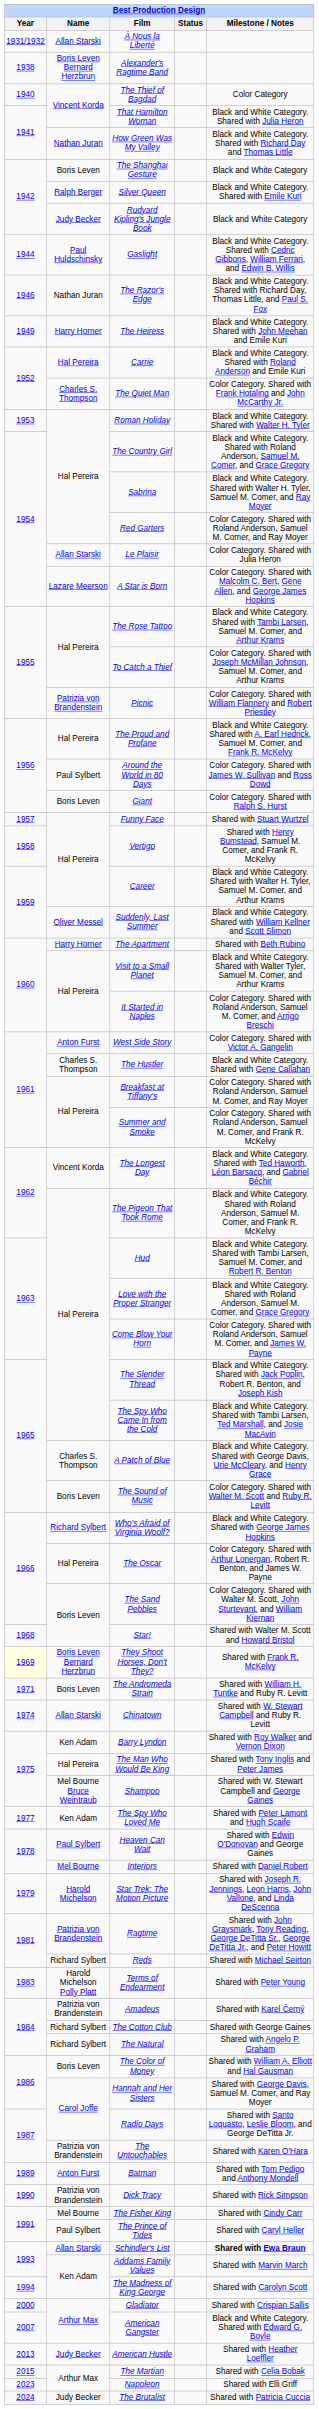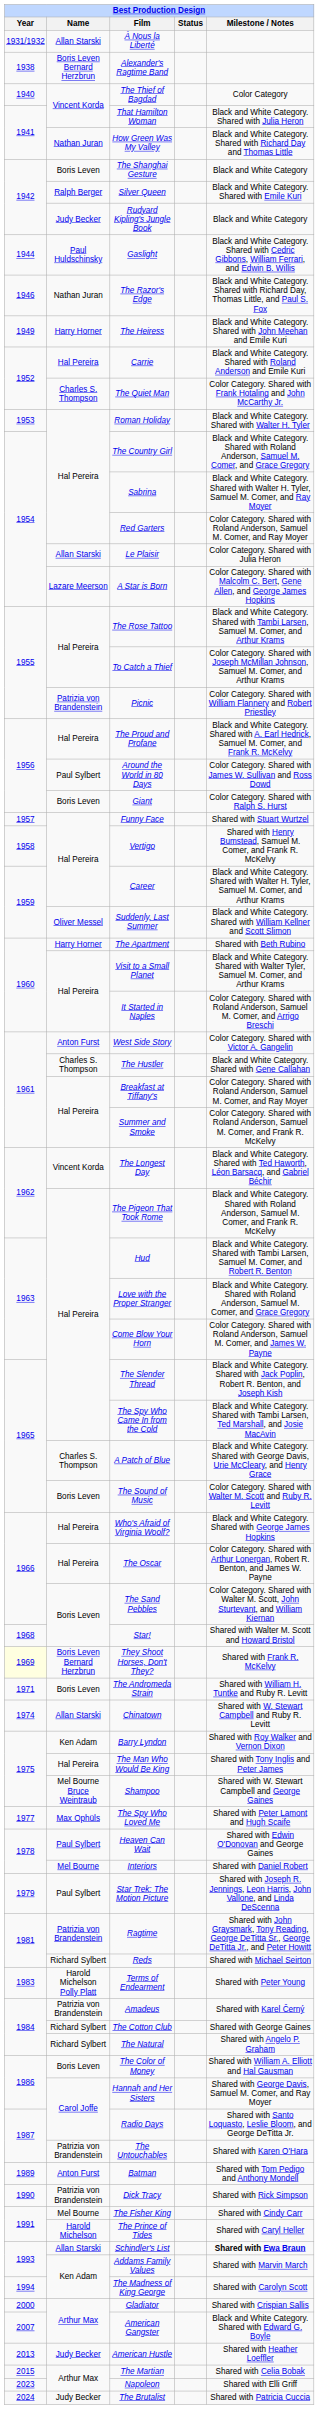 <table class="wikitable" style="text-align: center">
 <tr ---- bgcolor="#bfd7ff">
 <td colspan=5 align=center><strong><a href='#'>Best Production Design</a></strong></td>
 </tr>
 <tr ---- bgcolor="#ebf5ff">
 <th width="075">Year</th>
 <th width="200">Name</th>
 <th width="200">Film</th>
 <th width="080">Status</th>
 <th width="650">Milestone / Notes</th>
 </tr>
 <tr>
 <td><a href='#'>1931/1932</a></td>
 <td><a href='#'>Allan Starski</a></td>
 <td><em><a href='#'>À Nous la Liberté</a></em></td>
 <td></td>
 <td></td>
 </tr>
 <tr>
 <td><a href='#'>1938</a></td>
 <td><a href='#'>Boris Leven</a><br><a href='#'>Bernard Herzbrun</a></td>
 <td><em><a href='#'>Alexander's Ragtime Band</a></em></td>
 <td></td>
 <td></td>
 </tr>
 <tr>
 <td><a href='#'>1940</a></td>
 <td rowspan="2"><a href='#'>Vincent Korda</a></td>
 <td><em><a href='#'>The Thief of Bagdad</a></em></td>
 <td></td>
 <td>Color Category</td>
 </tr>
 <tr>
 <td rowspan="2"><a href='#'>1941</a></td>
 <td><em><a href='#'>That Hamilton Woman</a></em></td>
 <td></td>
 <td>Black and White Category. Shared with <a href='#'>Julia Heron</a></td>
 </tr>
 <tr>
 <td><a href='#'>Nathan Juran</a></td>
 <td><em><a href='#'>How Green Was My Valley</a></em></td>
 <td></td>
 <td>Black and White Category. Shared with <a href='#'>Richard Day</a> and <a href='#'>Thomas Little</a></td>
 </tr>
 <tr>
 <td rowspan="3"><a href='#'>1942</a></td>
 <td>Boris Leven</td>
 <td><em><a href='#'>The Shanghai Gesture</a></em></td>
 <td></td>
 <td>Black and White Category</td>
 </tr>
 <tr>
 <td><a href='#'>Ralph Berger</a></td>
 <td><em><a href='#'>Silver Queen</a></em></td>
 <td></td>
 <td>Black and White Category. Shared with <a href='#'>Emile Kuri</a></td>
 </tr>
 <tr>
 <td><a href='#'>Judy Becker</a></td>
 <td><em><a href='#'>Rudyard Kipling's Jungle Book</a></em></td>
 <td></td>
 <td>Black and White Category</td>
 </tr>
 <tr>
 <td><a href='#'>1944</a></td>
 <td><a href='#'>Paul Huldschinsky</a></td>
 <td><em><a href='#'>Gaslight</a></em></td>
 <td></td>
 <td>Black and White Category. Shared with <a href='#'>Cedric Gibbons</a>, <a href='#'>William Ferrari</a>, and <a href='#'>Edwin B. Willis</a></td>
 </tr>
 <tr>
 <td><a href='#'>1946</a></td>
 <td>Nathan Juran</td>
 <td><em><a href='#'>The Razor's Edge</a></em></td>
 <td></td>
 <td>Black and White Category. Shared with Richard Day, Thomas Little, and <a href='#'>Paul S. Fox</a></td>
 </tr>
 <tr>
 <td><a href='#'>1949</a></td>
 <td><a href='#'>Harry Horner</a></td>
 <td><em><a href='#'>The Heiress</a></em></td>
 <td></td>
 <td>Black and White Category. Shared with <a href='#'>John Meehan</a> and Emile Kuri</td>
 </tr>
 <tr>
 <td rowspan=2><a href='#'>1952</a></td>
 <td><a href='#'>Hal Pereira</a></td>
 <td><em><a href='#'>Carrie</a></em></td>
 <td></td>
 <td>Black and White Category. Shared with <a href='#'>Roland Anderson</a> and Emile Kuri</td>
 </tr>
 <tr>
 <td><a href='#'>Charles S. Thompson</a></td>
 <td><em><a href='#'>The Quiet Man</a></em></td>
 <td></td>
 <td>Color Category. Shared with <a href='#'>Frank Hotaling</a> and <a href='#'>John McCarthy Jr.</a></td>
 </tr>
 <tr>
 <td><a href='#'>1953</a></td>
 <td rowspan=4>Hal Pereira</td>
 <td><em><a href='#'>Roman Holiday</a></em></td>
 <td></td>
 <td>Black and White Category. Shared with <a href='#'>Walter H. Tyler</a></td>
 </tr>
 <tr>
 <td rowspan=5><a href='#'>1954</a></td>
 <td><em><a href='#'>The Country Girl</a></em></td>
 <td></td>
 <td>Black and White Category. Shared with Roland Anderson, <a href='#'>Samuel M. Comer</a>, and <a href='#'>Grace Gregory</a></td>
 </tr>
 <tr>
 <td><em><a href='#'>Sabrina</a></em></td>
 <td></td>
 <td>Black and White Category. Shared with Walter H. Tyler, Samuel M. Comer, and <a href='#'>Ray Moyer</a></td>
 </tr>
 <tr>
 <td><em><a href='#'>Red Garters</a></em></td>
 <td></td>
 <td>Color Category. Shared with Roland Anderson, Samuel M. Comer, and Ray Moyer</td>
 </tr>
 <tr>
 <td><a href='#'>Allan Starski</a></td>
 <td><em><a href='#'>Le Plaisir</a></em></td>
 <td></td>
 <td>Color Category. Shared with Julia Heron</td>
 </tr>
 <tr>
 <td><a href='#'>Lazare Meerson</a></td>
 <td><em><a href='#'>A Star is Born</a></em></td>
 <td></td>
 <td>Color Category. Shared with <a href='#'>Malcolm C. Bert</a>, <a href='#'>Gene Allen</a>, and <a href='#'>George James Hopkins</a></td>
 </tr>
 <tr>
 <td rowspan=3><a href='#'>1955</a></td>
 <td rowspan=2>Hal Pereira</td>
 <td><em><a href='#'>The Rose Tattoo</a></em></td>
 <td></td>
 <td>Black and White Category. Shared with <a href='#'>Tambi Larsen</a>, Samuel M. Comer, and <a href='#'>Arthur Krams</a></td>
 </tr>
 <tr>
 <td><em><a href='#'>To Catch a Thief</a></em></td>
 <td></td>
 <td>Color Category. Shared with <a href='#'>Joseph McMillan Johnson</a>, Samuel M. Comer, and Arthur Krams</td>
 </tr>
 <tr>
 <td><a href='#'>Patrizia von Brandenstein</a></td>
 <td><em><a href='#'>Picnic</a></em></td>
 <td></td>
 <td>Color Category. Shared with <a href='#'>William Flannery</a> and <a href='#'>Robert Priestley</a></td>
 </tr>
 <tr>
 <td rowspan=3><a href='#'>1956</a></td>
 <td>Hal Pereira</td>
 <td><em><a href='#'>The Proud and Profane</a></em></td>
 <td></td>
 <td>Black and White Category. Shared with <a href='#'>A. Earl Hedrick</a>, Samuel M. Comer, and <a href='#'>Frank R. McKelvy</a></td>
 </tr>
 <tr>
 <td>Paul Sylbert</td>
 <td><em><a href='#'>Around the World in 80 Days</a></em></td>
 <td></td>
 <td>Color Category. Shared with <a href='#'>James W. Sullivan</a> and <a href='#'>Ross Dowd</a></td>
 </tr>
 <tr>
 <td>Boris Leven</td>
 <td><em><a href='#'>Giant</a></em></td>
 <td></td>
 <td>Color Category. Shared with <a href='#'>Ralph S. Hurst</a></td>
 </tr>
 <tr>
 <td><a href='#'>1957</a></td>
 <td rowspan=3>Hal Pereira</td>
 <td><em><a href='#'>Funny Face</a></em></td>
 <td></td>
 <td>Shared with <a href='#'>Stuart Wurtzel</a></td>
 </tr>
 <tr>
 <td><a href='#'>1958</a></td>
 <td><em><a href='#'>Vertigo</a></em></td>
 <td></td>
 <td>Shared with <a href='#'>Henry Bumstead</a>, Samuel M. Comer, and Frank R. McKelvy</td>
 </tr>
 <tr>
 <td rowspan=2><a href='#'>1959</a></td>
 <td><em><a href='#'>Career</a></em></td>
 <td></td>
 <td>Black and White Category. Shared with Walter H. Tyler, Samuel M. Comer, and Arthur Krams</td>
 </tr>
 <tr>
 <td><a href='#'>Oliver Messel</a></td>
 <td><em><a href='#'>Suddenly, Last Summer</a></em></td>
 <td></td>
 <td>Black and White Category. Shared with <a href='#'>William Kellner</a> and <a href='#'>Scott Slimon</a></td>
 </tr>
 <tr>
 <td rowspan=3><a href='#'>1960</a></td>
 <td><a href='#'>Harry Horner</a></td>
 <td><em><a href='#'>The Apartment</a></em></td>
 <td></td>
 <td>Shared with <a href='#'>Beth Rubino</a></td>
 </tr>
 <tr>
 <td rowspan=2>Hal Pereira</td>
 <td><em><a href='#'>Visit to a Small Planet</a></em></td>
 <td></td>
 <td>Black and White Category. Shared with Walter Tyler, Samuel M. Comer, and Arthur Krams</td>
 </tr>
 <tr>
 <td><em><a href='#'>It Started in Naples</a></em></td>
 <td></td>
 <td>Color Category. Shared with Roland Anderson, Samuel M. Comer, and <a href='#'>Arrigo Breschi</a></td>
 </tr>
 <tr>
 <td rowspan="4"><a href='#'>1961</a></td>
 <td><a href='#'>Anton Furst</a></td>
 <td><em><a href='#'>West Side Story</a></em></td>
 <td></td>
 <td>Color Category. Shared with <a href='#'>Victor A. Gangelin</a></td>
 </tr>
 <tr>
 <td>Charles S. Thompson</td>
 <td><em><a href='#'>The Hustler</a></em></td>
 <td></td>
 <td>Black and White Category. Shared with <a href='#'>Gene Callahan</a></td>
 </tr>
 <tr>
 <td rowspan=2>Hal Pereira</td>
 <td><em><a href='#'>Breakfast at Tiffany's</a></em></td>
 <td></td>
 <td>Color Category. Shared with Roland Anderson, Samuel M. Comer, and Ray Moyer</td>
 </tr>
 <tr>
 <td><em><a href='#'>Summer and Smoke</a></em></td>
 <td></td>
 <td>Color Category. Shared with Roland Anderson, Samuel M. Comer, and Frank R. McKelvy</td>
 </tr>
 <tr>
 <td rowspan=2><a href='#'>1962</a></td>
 <td>Vincent Korda</td>
 <td><em><a href='#'>The Longest Day</a></em></td>
 <td></td>
 <td>Black and White Category. Shared with <a href='#'>Ted Haworth</a>, <a href='#'>Léon Barsacq</a>, and <a href='#'>Gabriel Béchir</a></td>
 </tr>
 <tr>
 <td rowspan=6>Hal Pereira</td>
 <td><em><a href='#'>The Pigeon That Took Rome</a></em></td>
 <td></td>
 <td>Black and White Category. Shared with Roland Anderson, Samuel M. Comer, and Frank R. McKelvy</td>
 </tr>
 <tr>
 <td rowspan=3><a href='#'>1963</a></td>
 <td><em><a href='#'>Hud</a></em></td>
 <td></td>
 <td>Black and White Category. Shared with Tambi Larsen, Samuel M. Comer, and <a href='#'>Robert R. Benton</a></td>
 </tr>
 <tr>
 <td><em><a href='#'>Love with the Proper Stranger</a></em></td>
 <td></td>
 <td>Black and White Category. Shared with Roland Anderson, Samuel M. Comer, and <a href='#'>Grace Gregory</a></td>
 </tr>
 <tr>
 <td><em><a href='#'>Come Blow Your Horn</a></em></td>
 <td></td>
 <td>Color Category. Shared with Roland Anderson, Samuel M. Comer, and <a href='#'>James W. Payne</a></td>
 </tr>
 <tr>
 <td rowspan=4><a href='#'>1965</a></td>
 <td><em><a href='#'>The Slender Thread</a></em></td>
 <td></td>
 <td>Black and White Category. Shared with <a href='#'>Jack Poplin</a>, Robert R. Benton, and <a href='#'>Joseph Kish</a></td>
 </tr>
 <tr>
 <td><em><a href='#'>The Spy Who Came In from the Cold</a></em></td>
 <td></td>
 <td>Black and White Category. Shared with Tambi Larsen, <a href='#'>Ted Marshall</a>, and <a href='#'>Josie MacAvin</a></td>
 </tr>
 <tr>
 <td>Charles S. Thompson</td>
 <td><em><a href='#'>A Patch of Blue</a></em></td>
 <td></td>
 <td>Black and White Category. Shared with George Davis, <a href='#'>Urie McCleary</a>, and <a href='#'>Henry Grace</a></td>
 </tr>
 <tr>
 <td>Boris Leven</td>
 <td><em><a href='#'>The Sound of Music</a></em></td>
 <td></td>
 <td>Color Category. Shared with <a href='#'>Walter M. Scott</a> and <a href='#'>Ruby R. Levitt</a></td>
 </tr>
 <tr>
 <td rowspan="3"><a href='#'>1966</a></td>
-<td><a href='#'>Richard Sylbert</a></td>
+<td>Hal Pereira</td>
 <td><em><a href='#'>Who's Afraid of Virginia Woolf?</a></em></td>
 <td></td>
 <td>Black and White Category. Shared with <a href='#'>George James Hopkins</a></td>
 </tr>
 <tr>
 <td>Hal Pereira</td>
 <td><em><a href='#'>The Oscar</a></em></td>
 <td></td>
 <td>Color Category. Shared with <a href='#'>Arthur Lonergan</a>, Robert R. Benton, and James W. Payne</td>
 </tr>
 <tr>
 <td rowspan="2">Boris Leven</td>
 <td><em><a href='#'>The Sand Pebbles</a></em></td>
 <td></td>
 <td>Color Category. Shared with Walter M. Scott, <a href='#'>John Sturtevant</a>, and <a href='#'>William Kiernan</a></td>
 </tr>
 <tr>
 <td><a href='#'>1968</a></td>
 <td><em><a href='#'>Star!</a></em></td>
 <td></td>
 <td>Shared with Walter M. Scott and <a href='#'>Howard Bristol</a></td>
 </tr>
 <tr>
 <td style="background: lightyellow;"><a href='#'>1969</a></td>
 <td><a href='#'>Boris Leven</a><br><a href='#'>Bernard Herzbrun</a></td>
 <td><em><a href='#'>They Shoot Horses, Don't They?</a></em></td>
 <td></td>
 <td>Shared with <a href='#'>Frank R. McKelvy</a></td>
 </tr>
 <tr>
 <td><a href='#'>1971</a></td>
 <td>Boris Leven</td>
 <td><em><a href='#'>The Andromeda Strain</a></em></td>
 <td></td>
 <td>Shared with <a href='#'>William H. Tuntke</a> and Ruby R. Levitt</td>
 </tr>
 <tr>
 <td><a href='#'>1974</a></td>
 <td><a href='#'>Allan Starski</a></td>
 <td><em><a href='#'>Chinatown</a></em></td>
 <td></td>
 <td>Shared with <a href='#'>W. Stewart Campbell</a> and Ruby R. Levitt</td>
 </tr>
 <tr>
 <td rowspan="3"><a href='#'>1975</a></td>
 <td>Ken Adam</td>
 <td><em><a href='#'>Barry Lyndon</a></em></td>
 <td></td>
 <td>Shared with <a href='#'>Roy Walker</a> and <a href='#'>Vernon Dixon</a></td>
 </tr>
 <tr>
 <td>Hal Pereira</td>
 <td><em><a href='#'>The Man Who Would Be King</a></em></td>
 <td></td>
 <td>Shared with <a href='#'>Tony Inglis</a> and <a href='#'>Peter James</a></td>
 </tr>
 <tr>
 <td>Mel Bourne<br><a href='#'>Bruce Weintraub</a></td>
 <td><em><a href='#'>Shampoo</a></em></td>
 <td></td>
 <td>Shared with W. Stewart Campbell and <a href='#'>George Gaines</a></td>
 </tr>
 <tr>
 <td><a href='#'>1977</a></td>
-<td>Ken Adam</td>
+<td><a href='#'>Max Ophüls</a></td>
 <td><em><a href='#'>The Spy Who Loved Me</a></em></td>
 <td></td>
 <td>Shared with <a href='#'>Peter Lamont</a> and <a href='#'>Hugh Scaife</a></td>
 </tr>
 <tr>
 <td rowspan=2><a href='#'>1978</a></td>
 <td><a href='#'>Paul Sylbert</a></td>
 <td><em><a href='#'>Heaven Can Wait</a></em></td>
 <td></td>
 <td>Shared with <a href='#'>Edwin O'Donovan</a> and George Gaines</td>
 </tr>
 <tr>
 <td><a href='#'>Mel Bourne</a></td>
 <td><em><a href='#'>Interiors</a></em></td>
 <td></td>
 <td>Shared with <a href='#'>Daniel Robert</a></td>
 </tr>
 <tr>
 <td><a href='#'>1979</a></td>
-<td><a href='#'>Harold Michelson</a></td>
+<td>Paul Sylbert</td>
 <td><em><a href='#'>Star Trek: The Motion Picture</a></em></td>
 <td></td>
 <td>Shared with <a href='#'>Joseph R. Jennings</a>, <a href='#'>Leon Harris</a>, <a href='#'>John Vallone</a>, and <a href='#'>Linda DeScenna</a></td>
 </tr>
 <tr>
 <td rowspan=2><a href='#'>1981</a></td>
 <td><a href='#'>Patrizia von Brandenstein</a></td>
 <td><em><a href='#'>Ragtime</a></em></td>
 <td></td>
 <td>Shared with <a href='#'>John Graysmark</a>, <a href='#'>Tony Reading</a>, <a href='#'>George DeTitta Sr.</a>, <a href='#'>George DeTitta Jr.</a>, and <a href='#'>Peter Howitt</a></td>
 </tr>
 <tr>
 <td>Richard Sylbert</td>
 <td><em><a href='#'>Reds</a></em></td>
 <td></td>
 <td>Shared with <a href='#'>Michael Seirton</a></td>
 </tr>
 <tr>
 <td><a href='#'>1983</a></td>
 <td>Harold Michelson<br><a href='#'>Polly Platt</a></td>
 <td><em><a href='#'>Terms of Endearment</a></em></td>
 <td></td>
 <td>Shared with <a href='#'>Peter Young</a></td>
 </tr>
 <tr>
 <td rowspan=3><a href='#'>1984</a></td>
 <td>Patrizia von Brandenstein</td>
 <td><em><a href='#'>Amadeus</a></em></td>
 <td></td>
 <td>Shared with <a href='#'>Karel Černý</a></td>
 </tr>
 <tr>
 <td>Richard Sylbert</td>
 <td><em><a href='#'>The Cotton Club</a></em></td>
 <td></td>
 <td>Shared with George Gaines</td>
 </tr>
 <tr>
 <td>Richard Sylbert</td>
 <td><em><a href='#'>The Natural</a></em></td>
 <td></td>
 <td>Shared with <a href='#'>Angelo P. Graham</a></td>
 </tr>
 <tr>
 <td rowspan=2><a href='#'>1986</a></td>
 <td>Boris Leven</td>
 <td><em><a href='#'>The Color of Money</a></em></td>
 <td></td>
 <td>Shared with <a href='#'>William A. Elliott</a> and <a href='#'>Hal Gausman</a></td>
 </tr>
 <tr>
 <td rowspan=2><a href='#'>Carol Joffe</a></td>
 <td><em><a href='#'>Hannah and Her Sisters</a></em></td>
 <td></td>
 <td>Shared with <a href='#'>George Davis</a>, Samuel M. Comer, and Ray Moyer</td>
 </tr>
 <tr>
 <td rowspan=2><a href='#'>1987</a></td>
 <td><em><a href='#'>Radio Days</a></em></td>
 <td></td>
 <td>Shared with <a href='#'>Santo Loquasto</a>, <a href='#'>Leslie Bloom</a>, and George DeTitta Jr.</td>
 </tr>
 <tr>
 <td>Patrizia von Brandenstein</td>
 <td><em><a href='#'>The Untouchables</a></em></td>
 <td></td>
 <td>Shared with <a href='#'>Karen O'Hara</a></td>
 </tr>
 <tr>
 <td><a href='#'>1989</a></td>
 <td><a href='#'>Anton Furst</a></td>
 <td><em><a href='#'>Batman</a></em></td>
 <td></td>
 <td>Shared with <a href='#'>Tom Pedigo</a> and <a href='#'>Anthony Mondell</a></td>
 </tr>
 <tr>
 <td><a href='#'>1990</a></td>
 <td>Patrizia von Brandenstein</td>
 <td><em><a href='#'>Dick Tracy</a></em></td>
 <td></td>
 <td>Shared with <a href='#'>Rick Simpson</a></td>
 </tr>
 <tr>
 <td rowspan=2><a href='#'>1991</a></td>
 <td>Mel Bourne</td>
 <td><em><a href='#'>The Fisher King</a></em></td>
 <td></td>
 <td>Shared with <a href='#'>Cindy Carr</a></td>
 </tr>
 <tr>
-<td>Paul Sylbert</td>
+<td><a href='#'>Harold Michelson</a></td>
 <td><em><a href='#'>The Prince of Tides</a></em></td>
 <td></td>
 <td>Shared with <a href='#'>Caryl Heller</a></td>
 </tr>
 <tr>
 <td rowspan="2"><a href='#'>1993</a></td>
 <td><a href='#'>Allan Starski</a></td>
 <td><em><a href='#'>Schindler's List</a></em></td>
 <td></td>
 <td><strong>Shared with <a href='#'>Ewa Braun</a></strong></td>
 </tr>
 <tr>
 <td rowspan="2">Ken Adam</td>
 <td><em><a href='#'>Addams Family Values</a></em></td>
 <td></td>
 <td>Shared with <a href='#'>Marvin March</a></td>
 </tr>
 <tr>
 <td><a href='#'>1994</a></td>
 <td><em><a href='#'>The Madness of King George</a></em></td>
 <td></td>
 <td>Shared with <a href='#'>Carolyn Scott</a></td>
 </tr>
 <tr>
 <td><a href='#'>2000</a></td>
 <td rowspan=2><a href='#'>Arthur Max</a></td>
 <td><em><a href='#'>Gladiator</a></em></td>
 <td></td>
 <td>Shared with <a href='#'>Crispian Sallis</a></td>
 </tr>
 <tr>
 <td><a href='#'>2007</a></td>
 <td><em><a href='#'>American Gangster</a></em></td>
 <td></td>
 <td>Black and White Category. Shared with <a href='#'>Edward G. Boyle</a></td>
 </tr>
 <tr>
 <td><a href='#'>2013</a></td>
 <td><a href='#'>Judy Becker</a></td>
 <td><em><a href='#'>American Hustle</a></em></td>
 <td></td>
 <td>Shared with <a href='#'>Heather Loeffler</a></td>
 </tr>
 <tr>
 <td><a href='#'>2015</a></td>
 <td rowspan=2>Arthur Max</td>
 <td><em><a href='#'>The Martian</a></em></td>
 <td></td>
 <td>Shared with <a href='#'>Celia Bobak</a></td>
 </tr>
 <tr>
 <td><a href='#'>2023</a></td>
 <td><em><a href='#'>Napoleon</a></em></td>
 <td></td>
 <td>Shared with Elli Griff</td>
 </tr>
 <tr>
 <td><a href='#'>2024</a></td>
 <td>Judy Becker</td>
 <td><em><a href='#'>The Brutalist</a></em></td>
 <td></td>
 <td>Shared with <a href='#'>Patricia Cuccia</a></td>
 </tr>
 </table>
